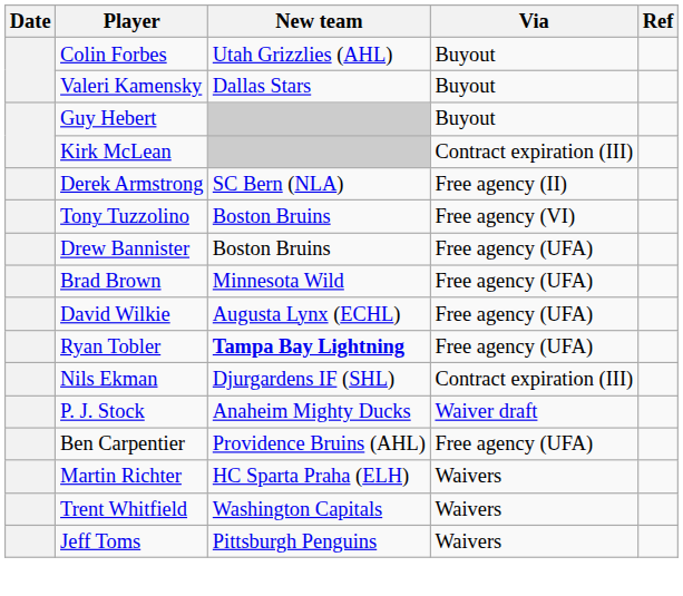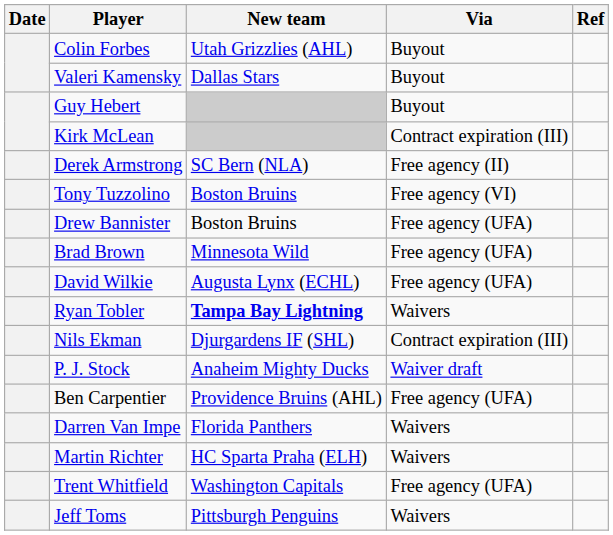 <table class="wikitable plainrowheaders">
 <tr style="background:#ddd; text-align:center;">
 <th>Date</th>
 <th>Player</th>
 <th>New team</th>
 <th>Via</th>
 <th>Ref</th>
 </tr>
 <tr>
 <th scope="row" rowspan=2></th>
 <td><a href='#'>Colin Forbes</a></td>
 <td><a href='#'>Utah Grizzlies</a> (<a href='#'>AHL</a>)</td>
 <td>Buyout</td>
 <td></td>
 </tr>
 <tr>
 <td><a href='#'>Valeri Kamensky</a></td>
 <td><a href='#'>Dallas Stars</a></td>
 <td>Buyout</td>
 <td></td>
 </tr>
 <tr>
 <th scope="row" rowspan=2></th>
 <td><a href='#'>Guy Hebert</a></td>
 <td style="background:#ccc"></td>
 <td>Buyout</td>
 <td></td>
 </tr>
 <tr>
 <td><a href='#'>Kirk McLean</a></td>
 <td style="background:#ccc"></td>
 <td>Contract expiration (III)</td>
 <td></td>
 </tr>
 <tr>
 <th scope="row"></th>
 <td><a href='#'>Derek Armstrong</a></td>
 <td><a href='#'>SC Bern</a> (<a href='#'>NLA</a>)</td>
 <td>Free agency (II)</td>
 <td></td>
 </tr>
 <tr>
 <th scope="row"></th>
 <td><a href='#'>Tony Tuzzolino</a></td>
 <td><a href='#'>Boston Bruins</a></td>
 <td>Free agency (VI)</td>
 <td></td>
 </tr>
 <tr>
 <th scope="row"></th>
 <td><a href='#'>Drew Bannister</a></td>
 <td>Boston Bruins</td>
 <td>Free agency (UFA)</td>
 <td></td>
 </tr>
 <tr>
 <th scope="row"></th>
 <td><a href='#'>Brad Brown</a></td>
 <td><a href='#'>Minnesota Wild</a></td>
 <td>Free agency (UFA)</td>
 <td></td>
 </tr>
 <tr>
 <th scope="row"></th>
 <td><a href='#'>David Wilkie</a></td>
 <td><a href='#'>Augusta Lynx</a> (<a href='#'>ECHL</a>)</td>
 <td>Free agency (UFA)</td>
 <td></td>
 </tr>
 <tr>
 <th scope="row"></th>
 <td><a href='#'>Ryan Tobler</a></td>
 <td><strong><a href='#'>Tampa Bay Lightning</a></strong></td>
-<td>Free agency (UFA)</td>
+<td>Waivers</td>
 <td></td>
 </tr>
 <tr>
 <th scope="row"></th>
 <td><a href='#'>Nils Ekman</a></td>
 <td><a href='#'>Djurgardens IF</a> (<a href='#'>SHL</a>)</td>
 <td>Contract expiration (III)</td>
 <td></td>
 </tr>
 <tr>
 <th scope="row"></th>
 <td><a href='#'>P. J. Stock</a></td>
 <td><a href='#'>Anaheim Mighty Ducks</a></td>
 <td><a href='#'>Waiver draft</a></td>
 <td></td>
 </tr>
 <tr>
 <th scope="row"></th>
 <td>Ben Carpentier</td>
 <td><a href='#'>Providence Bruins</a> (AHL)</td>
 <td>Free agency (UFA)</td>
 <td></td>
 </tr>
 <tr>
 <th scope="row"></th>
+<td><a href='#'>Darren Van Impe</a></td>
+<td><a href='#'>Florida Panthers</a></td>
+<td>Waivers</td>
+<td></td>
+</tr>
+<tr>
+<th scope="row"></th>
 <td><a href='#'>Martin Richter</a></td>
 <td><a href='#'>HC Sparta Praha</a> (<a href='#'>ELH</a>)</td>
 <td>Waivers</td>
 <td></td>
 </tr>
 <tr>
 <th scope="row"></th>
 <td><a href='#'>Trent Whitfield</a></td>
 <td><a href='#'>Washington Capitals</a></td>
-<td>Waivers</td>
+<td>Free agency (UFA)</td>
 <td></td>
 </tr>
 <tr>
 <th scope="row"></th>
 <td><a href='#'>Jeff Toms</a></td>
 <td><a href='#'>Pittsburgh Penguins</a></td>
 <td>Waivers</td>
 <td></td>
 </tr>
 </table>
